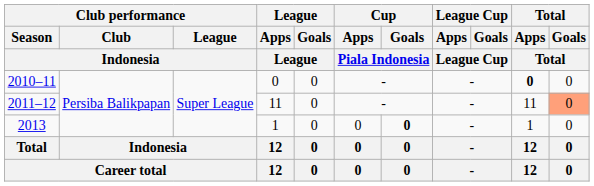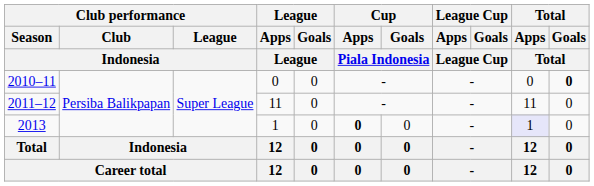 <table class="wikitable" style="text-align:center;">
 <tr>
 <th colspan=3>Club performance</th>
 <th colspan=2>League</th>
 <th colspan=2>Cup</th>
 <th colspan=2>League Cup</th>
 <th colspan=2>Total</th>
 </tr>
 <tr>
 <th>Season</th>
 <th>Club</th>
 <th>League</th>
 <th>Apps</th>
 <th>Goals</th>
 <th>Apps</th>
 <th>Goals</th>
 <th>Apps</th>
 <th>Goals</th>
 <th>Apps</th>
 <th>Goals</th>
 </tr>
 <tr>
 <th colspan=3>Indonesia</th>
 <th colspan=2>League</th>
 <th colspan=2><a href='#'>Piala Indonesia</a></th>
 <th colspan=2>League Cup</th>
 <th colspan=2>Total</th>
 </tr>
 <tr>
 <td><a href='#'>2010–11</a></td>
 <td rowspan="3"><a href='#'>Persiba Balikpapan</a></td>
 <td rowspan="3"><a href='#'>Super League</a></td>
 <td>0</td>
 <td>0</td>
 <td colspan="2">-</td>
 <td colspan="2">-</td>
+<td>0</td>
 <td><strong>0</strong></td>
-<td>0</td>
 </tr>
 <tr>
 <td><a href='#'>2011–12</a></td>
 <td>11</td>
 <td>0</td>
 <td colspan="2">-</td>
 <td colspan="2">-</td>
 <td>11</td>
-<td style="background: lightsalmon;">0</td>
+<td>0</td>
 </tr>
 <tr>
 <td><a href='#'>2013</a></td>
 <td>1</td>
 <td>0</td>
+<td><strong>0</strong></td>
 <td>0</td>
-<td><strong>0</strong></td>
 <td colspan="2">-</td>
-<td>1</td>
+<td style="background: lavender;">1</td>
 <td>0</td>
 </tr>
 <tr>
 <th rowspan=1>Total</th>
 <th colspan=2>Indonesia</th>
 <th>12</th>
 <th>0</th>
 <th>0</th>
 <th>0</th>
 <th colspan="2">-</th>
 <th>12</th>
 <th>0</th>
 </tr>
 <tr>
 <th colspan=3>Career total</th>
 <th>12</th>
 <th>0</th>
 <th>0</th>
 <th>0</th>
 <th colspan="2">-</th>
 <th>12</th>
 <th>0</th>
 </tr>
 </table>
